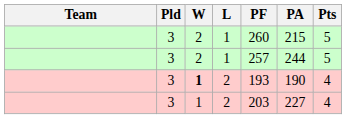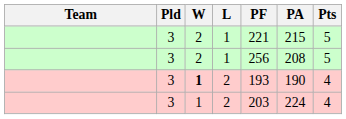 <table class="wikitable" style="text-align:center;">
 <tr>
 <th width=170>Team</th>
 <th width=25>Pld</th>
 <th width=25>W</th>
 <th width=25>L</th>
 <th width=35>PF</th>
 <th width=35>PA</th>
 <th width=25>Pts</th>
 </tr>
 <tr bgcolor=#ccffcc>
 <td align="left"></td>
 <td>3</td>
 <td>2</td>
 <td>1</td>
-<td>260</td>
+<td>221</td>
 <td>215</td>
 <td>5</td>
 </tr>
 <tr bgcolor=#ccffcc>
 <td align="left"></td>
 <td>3</td>
 <td>2</td>
 <td>1</td>
-<td>257</td>
-<td>244</td>
+<td>256</td>
+<td>208</td>
 <td>5</td>
 </tr>
 <tr bgcolor=#ffcccc>
 <td align="left"></td>
 <td>3</td>
 <td><strong>1</strong></td>
 <td>2</td>
 <td>193</td>
 <td>190</td>
 <td>4</td>
 </tr>
 <tr bgcolor=#ffcccc>
 <td align="left"></td>
 <td>3</td>
 <td>1</td>
 <td>2</td>
 <td>203</td>
-<td>227</td>
+<td>224</td>
 <td>4</td>
 </tr>
 </table>
